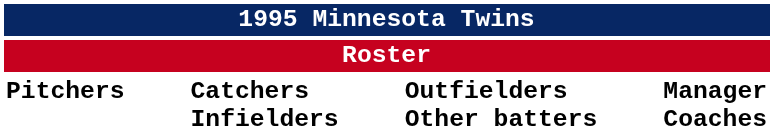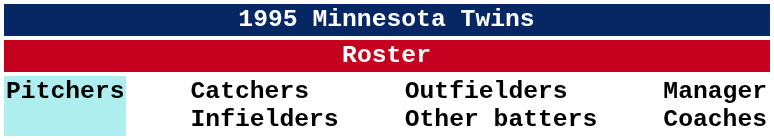 <table class="toccolours" style="font-size: 95%;">
 <tr>
 <th colspan="10" style="background-color: #072764; color: #FFFFFF; text-align: center;">1995 Minnesota Twins</th>
 </tr>
 <tr>
 <td colspan="10" style="background-color: #c6011f; color: white; text-align: center;"><strong>Roster</strong></td>
 </tr>
 <tr>
-<td valign="top"><strong>Pitchers</strong><br>                     </td>
+<td valign="top" style="background: paleturquoise;"><strong>Pitchers</strong><br>                     </td>
 <td width="25px"></td>
 <td valign="top"><strong>Catchers</strong><br>  <strong>Infielders</strong>             </td>
 <td width="25px"></td>
 <td valign="top"><strong>Outfielders</strong><br>       <strong>Other batters</strong>  </td>
 <td width="25px"></td>
 <td valign="top"><strong>Manager</strong><br> <strong>Coaches</strong>     </td>
 </tr>
 <tr>
 </tr>
 </table>
